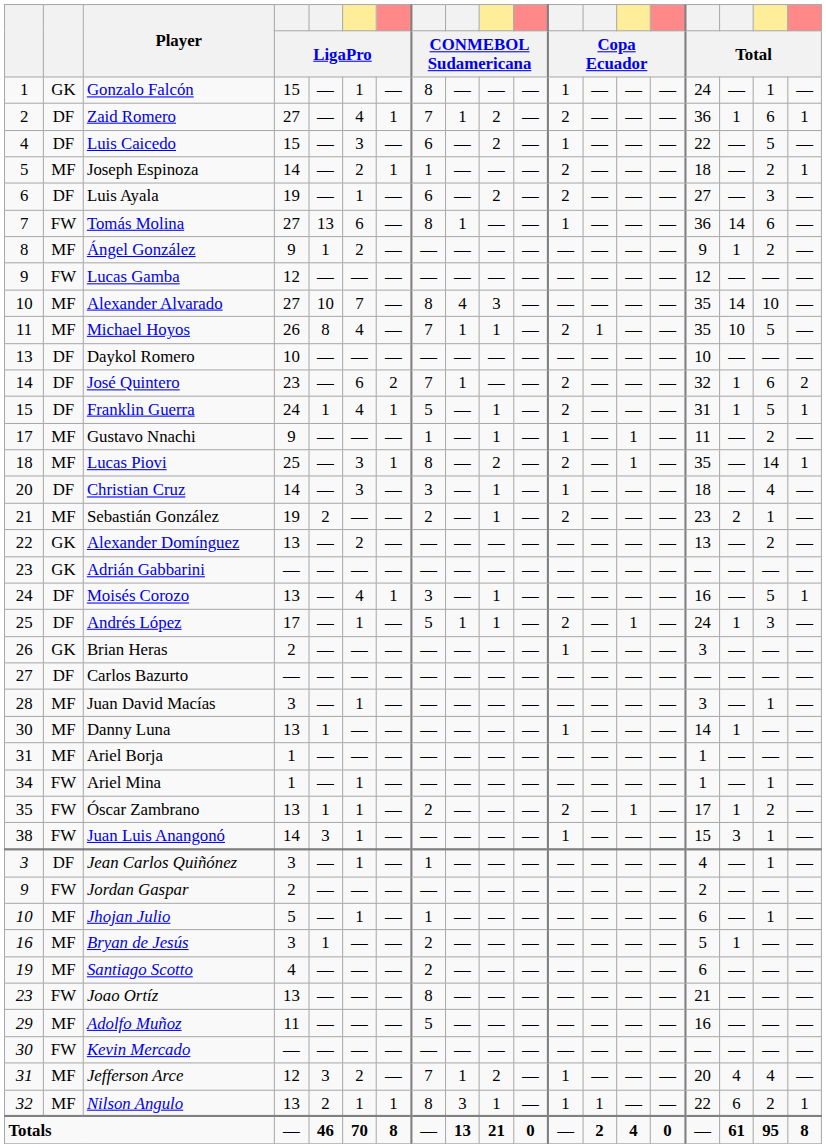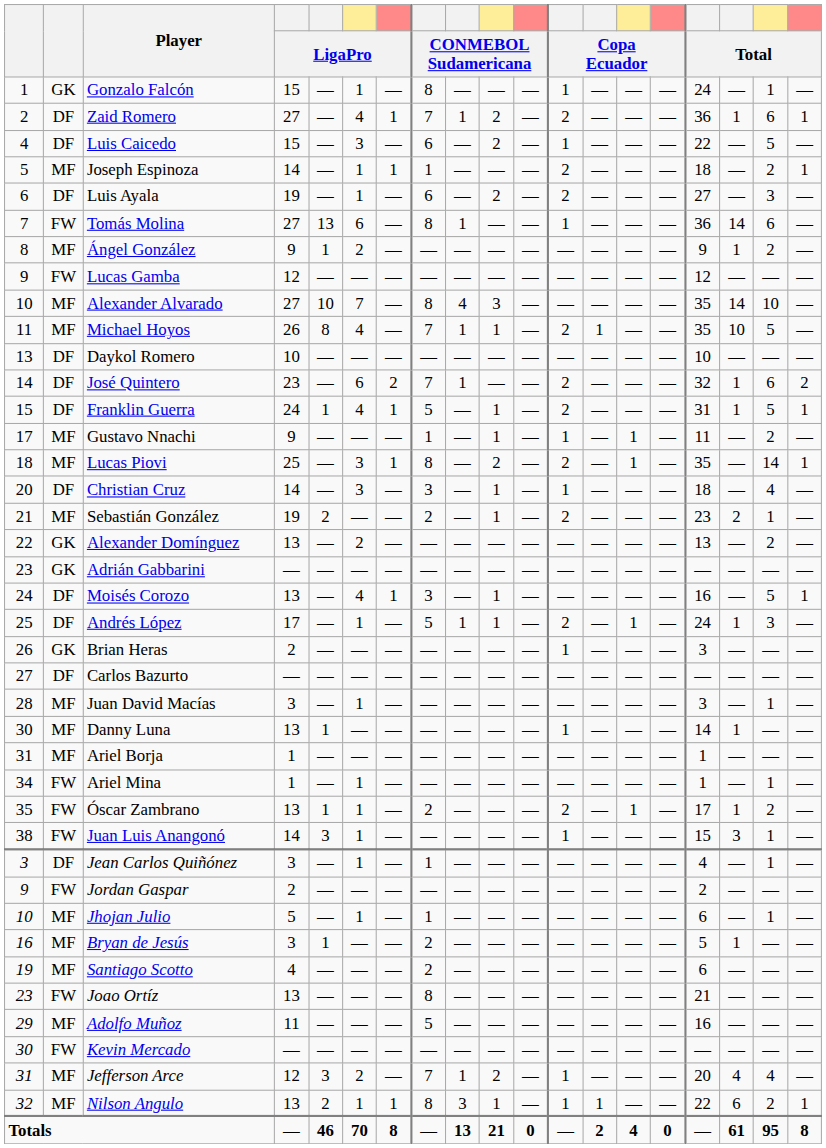 <table class="wikitable sortable" style="text-align: center;">
 <tr>
 <th rowspan="2" width=30 align="center"><br></th>
 <th rowspan="2" width=30 align="center"><br></th>
 <th rowspan="2" width=175 align="center">Player<br></th>
 <th width=25 style="background:"><br></th>
 <th width=25 style="background:"><br></th>
 <th width=25 style="background: #FFEE99"><br></th>
 <th width=25 style="border-right:2px solid grey; background:#FF8888"><br></th>
 <th width=25 style="background:"><br></th>
 <th width=25 style="background:"><br></th>
 <th width=25 style="background: #FFEE99"><br></th>
 <th width=25 style="border-right:2px solid grey; background:#FF8888"><br></th>
 <th width=25 style="background:"><br></th>
 <th width=25 style="background:"><br></th>
 <th width=25 style="background: #FFEE99"><br></th>
 <th width=25 style="border-right:2px solid grey; background:#FF8888"><br></th>
 <th width=25 style="background:"><br></th>
 <th width=25 style="background:"><br></th>
 <th width=25 style="background: #FFEE99"><br></th>
 <th width=25 style="background: #FF8888"><br></th>
 </tr>
 <tr class="sortbottom">
 <th colspan="4" style="border-right:2px solid grey;" align="center"><a href='#'>LigaPro</a></th>
 <th colspan="4" style="border-right:2px solid grey;" align="center"><a href='#'>CONMEBOL<br>Sudamericana</a></th>
 <th colspan="4" style="border-right:2px solid grey;" align="center"><a href='#'>Copa<br>Ecuador</a></th>
 <th colspan="4" align="center">Total</th>
 </tr>
 <tr>
 <td>1</td>
 <td>GK</td>
 <td align=left><a href='#'>Gonzalo Falcón</a></td>
 <td>15</td>
 <td>—</td>
 <td>1</td>
 <td>—</td>
 <td style="border-left:2px solid grey">8</td>
 <td>—</td>
 <td>—</td>
 <td>—</td>
 <td style="border-left:2px solid grey">1</td>
 <td>—</td>
 <td>—</td>
 <td>—</td>
 <td style="border-left:2px solid grey">24</td>
 <td>—</td>
 <td>1</td>
 <td>—</td>
 </tr>
 <tr>
 <td>2</td>
 <td>DF</td>
 <td align=left><a href='#'>Zaid Romero</a></td>
 <td>27</td>
 <td>—</td>
 <td>4</td>
 <td>1</td>
 <td style="border-left:2px solid grey">7</td>
 <td>1</td>
 <td>2</td>
 <td>—</td>
 <td style="border-left:2px solid grey">2</td>
 <td>—</td>
 <td>—</td>
 <td>—</td>
 <td style="border-left:2px solid grey">36</td>
 <td>1</td>
 <td>6</td>
 <td>1</td>
 </tr>
 <tr>
 <td>4</td>
 <td>DF</td>
 <td align=left><a href='#'>Luis Caicedo</a></td>
 <td>15</td>
 <td>—</td>
 <td>3</td>
 <td>—</td>
 <td style="border-left:2px solid grey">6</td>
 <td>—</td>
 <td>2</td>
 <td>—</td>
 <td style="border-left:2px solid grey">1</td>
 <td>—</td>
 <td>—</td>
 <td>—</td>
 <td style="border-left:2px solid grey">22</td>
 <td>—</td>
 <td>5</td>
 <td>—</td>
 </tr>
 <tr>
 <td>5</td>
 <td>MF</td>
 <td align=left>Joseph Espinoza</td>
 <td>14</td>
 <td>—</td>
-<td>2</td>
+<td>1</td>
 <td>1</td>
 <td style="border-left:2px solid grey">1</td>
 <td>—</td>
 <td>—</td>
 <td>—</td>
 <td style="border-left:2px solid grey">2</td>
 <td>—</td>
 <td>—</td>
 <td>—</td>
 <td style="border-left:2px solid grey">18</td>
 <td>—</td>
 <td>2</td>
 <td>1</td>
 </tr>
 <tr>
 <td>6</td>
 <td>DF</td>
 <td align=left>Luis Ayala</td>
 <td>19</td>
 <td>—</td>
 <td>1</td>
 <td>—</td>
 <td style="border-left:2px solid grey">6</td>
 <td>—</td>
 <td>2</td>
 <td>—</td>
 <td style="border-left:2px solid grey">2</td>
 <td>—</td>
 <td>—</td>
 <td>—</td>
 <td style="border-left:2px solid grey">27</td>
 <td>—</td>
 <td>3</td>
 <td>—</td>
 </tr>
 <tr>
 <td>7</td>
 <td>FW</td>
 <td align=left><a href='#'>Tomás Molina</a></td>
 <td>27</td>
 <td>13</td>
 <td>6</td>
 <td>—</td>
 <td style="border-left:2px solid grey">8</td>
 <td>1</td>
 <td>—</td>
 <td>—</td>
 <td style="border-left:2px solid grey">1</td>
 <td>—</td>
 <td>—</td>
 <td>—</td>
 <td style="border-left:2px solid grey">36</td>
 <td>14</td>
 <td>6</td>
 <td>—</td>
 </tr>
 <tr>
 <td>8</td>
 <td>MF</td>
 <td align=left><a href='#'>Ángel González</a></td>
 <td>9</td>
 <td>1</td>
 <td>2</td>
 <td>—</td>
 <td style="border-left:2px solid grey">—</td>
 <td>—</td>
 <td>—</td>
 <td>—</td>
 <td style="border-left:2px solid grey">—</td>
 <td>—</td>
 <td>—</td>
 <td>—</td>
 <td style="border-left:2px solid grey">9</td>
 <td>1</td>
 <td>2</td>
 <td>—</td>
 </tr>
 <tr>
 <td>9</td>
 <td>FW</td>
 <td align=left><a href='#'>Lucas Gamba</a></td>
 <td>12</td>
 <td>—</td>
 <td>—</td>
 <td>—</td>
 <td style="border-left:2px solid grey">—</td>
 <td>—</td>
 <td>—</td>
 <td>—</td>
 <td style="border-left:2px solid grey">—</td>
 <td>—</td>
 <td>—</td>
 <td>—</td>
 <td style="border-left:2px solid grey">12</td>
 <td>—</td>
 <td>—</td>
 <td>—</td>
 </tr>
 <tr>
 <td>10</td>
 <td>MF</td>
 <td align=left><a href='#'>Alexander Alvarado</a></td>
 <td>27</td>
 <td>10</td>
 <td>7</td>
 <td>—</td>
 <td style="border-left:2px solid grey">8</td>
 <td>4</td>
 <td>3</td>
 <td>—</td>
 <td style="border-left:2px solid grey">—</td>
 <td>—</td>
 <td>—</td>
 <td>—</td>
 <td style="border-left:2px solid grey">35</td>
 <td>14</td>
 <td>10</td>
 <td>—</td>
 </tr>
 <tr>
 <td>11</td>
 <td>MF</td>
 <td align=left><a href='#'>Michael Hoyos</a></td>
 <td>26</td>
 <td>8</td>
 <td>4</td>
 <td>—</td>
 <td style="border-left:2px solid grey">7</td>
 <td>1</td>
 <td>1</td>
 <td>—</td>
 <td style="border-left:2px solid grey">2</td>
 <td>1</td>
 <td>—</td>
 <td>—</td>
 <td style="border-left:2px solid grey">35</td>
 <td>10</td>
 <td>5</td>
 <td>—</td>
 </tr>
 <tr>
 <td>13</td>
 <td>DF</td>
 <td align=left>Daykol Romero</td>
 <td>10</td>
 <td>—</td>
 <td>—</td>
 <td>—</td>
 <td style="border-left:2px solid grey">—</td>
 <td>—</td>
 <td>—</td>
 <td>—</td>
 <td style="border-left:2px solid grey">—</td>
 <td>—</td>
 <td>—</td>
 <td>—</td>
 <td style="border-left:2px solid grey">10</td>
 <td>—</td>
 <td>—</td>
 <td>—</td>
 </tr>
 <tr>
 <td>14</td>
 <td>DF</td>
 <td align=left><a href='#'>José Quintero</a></td>
 <td>23</td>
 <td>—</td>
 <td>6</td>
 <td>2</td>
 <td style="border-left:2px solid grey">7</td>
 <td>1</td>
 <td>—</td>
 <td>—</td>
 <td style="border-left:2px solid grey">2</td>
 <td>—</td>
 <td>—</td>
 <td>—</td>
 <td style="border-left:2px solid grey">32</td>
 <td>1</td>
 <td>6</td>
 <td>2</td>
 </tr>
 <tr>
 <td>15</td>
 <td>DF</td>
 <td align=left><a href='#'>Franklin Guerra</a></td>
 <td>24</td>
 <td>1</td>
 <td>4</td>
 <td>1</td>
 <td style="border-left:2px solid grey">5</td>
 <td>—</td>
 <td>1</td>
 <td>—</td>
 <td style="border-left:2px solid grey">2</td>
 <td>—</td>
 <td>—</td>
 <td>—</td>
 <td style="border-left:2px solid grey">31</td>
 <td>1</td>
 <td>5</td>
 <td>1</td>
 </tr>
 <tr>
 <td>17</td>
 <td>MF</td>
 <td align=left>Gustavo Nnachi</td>
 <td>9</td>
 <td>—</td>
 <td>—</td>
 <td>—</td>
 <td style="border-left:2px solid grey">1</td>
 <td>—</td>
 <td>1</td>
 <td>—</td>
 <td style="border-left:2px solid grey">1</td>
 <td>—</td>
 <td>1</td>
 <td>—</td>
 <td style="border-left:2px solid grey">11</td>
 <td>—</td>
 <td>2</td>
 <td>—</td>
 </tr>
 <tr>
 <td>18</td>
 <td>MF</td>
 <td align=left><a href='#'>Lucas Piovi</a></td>
 <td>25</td>
 <td>—</td>
 <td>3</td>
 <td>1</td>
 <td style="border-left:2px solid grey">8</td>
 <td>—</td>
 <td>2</td>
 <td>—</td>
 <td style="border-left:2px solid grey">2</td>
 <td>—</td>
 <td>1</td>
 <td>—</td>
 <td style="border-left:2px solid grey">35</td>
 <td>—</td>
 <td>14</td>
 <td>1</td>
 </tr>
 <tr>
 <td>20</td>
 <td>DF</td>
 <td align=left><a href='#'>Christian Cruz</a></td>
 <td>14</td>
 <td>—</td>
 <td>3</td>
 <td>—</td>
 <td style="border-left:2px solid grey">3</td>
 <td>—</td>
 <td>1</td>
 <td>—</td>
 <td style="border-left:2px solid grey">1</td>
 <td>—</td>
 <td>—</td>
 <td>—</td>
 <td style="border-left:2px solid grey">18</td>
 <td>—</td>
 <td>4</td>
 <td>—</td>
 </tr>
 <tr>
 <td>21</td>
 <td>MF</td>
 <td align=left>Sebastián González</td>
 <td>19</td>
 <td>2</td>
 <td>—</td>
 <td>—</td>
 <td style="border-left:2px solid grey">2</td>
 <td>—</td>
 <td>1</td>
 <td>—</td>
 <td style="border-left:2px solid grey">2</td>
 <td>—</td>
 <td>—</td>
 <td>—</td>
 <td style="border-left:2px solid grey">23</td>
 <td>2</td>
 <td>1</td>
 <td>—</td>
 </tr>
 <tr>
 <td>22</td>
 <td>GK</td>
 <td align=left><a href='#'>Alexander Domínguez</a></td>
 <td>13</td>
 <td>—</td>
 <td>2</td>
 <td>—</td>
 <td style="border-left:2px solid grey">—</td>
 <td>—</td>
 <td>—</td>
 <td>—</td>
 <td style="border-left:2px solid grey">—</td>
 <td>—</td>
 <td>—</td>
 <td>—</td>
 <td style="border-left:2px solid grey">13</td>
 <td>—</td>
 <td>2</td>
 <td>—</td>
 </tr>
 <tr>
 <td>23</td>
 <td>GK</td>
 <td align=left><a href='#'>Adrián Gabbarini</a></td>
 <td>—</td>
 <td>—</td>
 <td>—</td>
 <td>—</td>
 <td style="border-left:2px solid grey">—</td>
 <td>—</td>
 <td>—</td>
 <td>—</td>
 <td style="border-left:2px solid grey">—</td>
 <td>—</td>
 <td>—</td>
 <td>—</td>
 <td style="border-left:2px solid grey">—</td>
 <td>—</td>
 <td>—</td>
 <td>—</td>
 </tr>
 <tr>
 <td>24</td>
 <td>DF</td>
 <td align=left><a href='#'>Moisés Corozo</a></td>
 <td>13</td>
 <td>—</td>
 <td>4</td>
 <td>1</td>
 <td style="border-left:2px solid grey">3</td>
 <td>—</td>
 <td>1</td>
 <td>—</td>
 <td style="border-left:2px solid grey">—</td>
 <td>—</td>
 <td>—</td>
 <td>—</td>
 <td style="border-left:2px solid grey">16</td>
 <td>—</td>
 <td>5</td>
 <td>1</td>
 </tr>
 <tr>
 <td>25</td>
 <td>DF</td>
 <td align=left><a href='#'>Andrés López</a></td>
 <td>17</td>
 <td>—</td>
 <td>1</td>
 <td>—</td>
 <td style="border-left:2px solid grey">5</td>
 <td>1</td>
 <td>1</td>
 <td>—</td>
 <td style="border-left:2px solid grey">2</td>
 <td>—</td>
 <td>1</td>
 <td>—</td>
 <td style="border-left:2px solid grey">24</td>
 <td>1</td>
 <td>3</td>
 <td>—</td>
 </tr>
 <tr>
 <td>26</td>
 <td>GK</td>
 <td align=left>Brian Heras</td>
 <td>2</td>
 <td>—</td>
 <td>—</td>
 <td>—</td>
 <td style="border-left:2px solid grey">—</td>
 <td>—</td>
 <td>—</td>
 <td>—</td>
 <td style="border-left:2px solid grey">1</td>
 <td>—</td>
 <td>—</td>
 <td>—</td>
 <td style="border-left:2px solid grey">3</td>
 <td>—</td>
 <td>—</td>
 <td>—</td>
 </tr>
 <tr>
 <td>27</td>
 <td>DF</td>
 <td align=left>Carlos Bazurto</td>
 <td>—</td>
 <td>—</td>
 <td>—</td>
 <td>—</td>
 <td style="border-left:2px solid grey">—</td>
 <td>—</td>
 <td>—</td>
 <td>—</td>
 <td style="border-left:2px solid grey">—</td>
 <td>—</td>
 <td>—</td>
 <td>—</td>
 <td style="border-left:2px solid grey">—</td>
 <td>—</td>
 <td>—</td>
 <td>—</td>
 </tr>
 <tr>
 <td>28</td>
 <td>MF</td>
 <td align=left>Juan David Macías</td>
 <td>3</td>
 <td>—</td>
 <td>1</td>
 <td>—</td>
 <td style="border-left:2px solid grey">—</td>
 <td>—</td>
 <td>—</td>
 <td>—</td>
 <td style="border-left:2px solid grey">—</td>
 <td>—</td>
 <td>—</td>
 <td>—</td>
 <td style="border-left:2px solid grey">3</td>
 <td>—</td>
 <td>1</td>
 <td>—</td>
 </tr>
 <tr>
 <td>30</td>
 <td>MF</td>
 <td align=left>Danny Luna</td>
 <td>13</td>
 <td>1</td>
 <td>—</td>
 <td>—</td>
 <td style="border-left:2px solid grey">—</td>
 <td>—</td>
 <td>—</td>
 <td>—</td>
 <td style="border-left:2px solid grey">1</td>
 <td>—</td>
 <td>—</td>
 <td>—</td>
 <td style="border-left:2px solid grey">14</td>
 <td>1</td>
 <td>—</td>
 <td>—</td>
 </tr>
 <tr>
 <td>31</td>
 <td>MF</td>
 <td align=left>Ariel Borja</td>
 <td>1</td>
 <td>—</td>
 <td>—</td>
 <td>—</td>
 <td style="border-left:2px solid grey">—</td>
 <td>—</td>
 <td>—</td>
 <td>—</td>
 <td style="border-left:2px solid grey">—</td>
 <td>—</td>
 <td>—</td>
 <td>—</td>
 <td style="border-left:2px solid grey">1</td>
 <td>—</td>
 <td>—</td>
 <td>—</td>
 </tr>
 <tr>
 <td>34</td>
 <td>FW</td>
 <td align=left>Ariel Mina</td>
 <td>1</td>
 <td>—</td>
 <td>1</td>
 <td>—</td>
 <td style="border-left:2px solid grey">—</td>
 <td>—</td>
 <td>—</td>
 <td>—</td>
 <td style="border-left:2px solid grey">—</td>
 <td>—</td>
 <td>—</td>
 <td>—</td>
 <td style="border-left:2px solid grey">1</td>
 <td>—</td>
 <td>1</td>
 <td>—</td>
 </tr>
 <tr>
 <td>35</td>
 <td>FW</td>
 <td align=left>Óscar Zambrano</td>
 <td>13</td>
 <td>1</td>
 <td>1</td>
 <td>—</td>
 <td style="border-left:2px solid grey">2</td>
 <td>—</td>
 <td>—</td>
 <td>—</td>
 <td style="border-left:2px solid grey">2</td>
 <td>—</td>
 <td>1</td>
 <td>—</td>
 <td style="border-left:2px solid grey">17</td>
 <td>1</td>
 <td>2</td>
 <td>—</td>
 </tr>
 <tr>
 <td>38</td>
 <td>FW</td>
 <td align=left><a href='#'>Juan Luis Anangonó</a></td>
 <td>14</td>
 <td>3</td>
 <td>1</td>
 <td>—</td>
 <td style="border-left:2px solid grey">—</td>
 <td>—</td>
 <td>—</td>
 <td>—</td>
 <td style="border-left:2px solid grey">1</td>
 <td>—</td>
 <td>—</td>
 <td>—</td>
 <td style="border-left:2px solid grey">15</td>
 <td>3</td>
 <td>1</td>
 <td>—</td>
 </tr>
 <tr>
 </tr>
 <tr style="border-top:2px solid grey">
 <td><em>3</em></td>
 <td>DF</td>
 <td align=left><em>Jean Carlos Quiñónez</em></td>
 <td>3</td>
 <td>—</td>
 <td>1</td>
 <td>—</td>
 <td style="border-left:2px solid grey">1</td>
 <td>—</td>
 <td>—</td>
 <td>—</td>
 <td style="border-left:2px solid grey">—</td>
 <td>—</td>
 <td>—</td>
 <td>—</td>
 <td style="border-left:2px solid grey">4</td>
 <td>—</td>
 <td>1</td>
 <td>—</td>
 </tr>
 <tr>
 <td><em>9</em></td>
 <td>FW</td>
 <td align=left><em>Jordan Gaspar</em></td>
 <td>2</td>
 <td>—</td>
 <td>—</td>
 <td>—</td>
 <td style="border-left:2px solid grey">—</td>
 <td>—</td>
 <td>—</td>
 <td>—</td>
 <td style="border-left:2px solid grey">—</td>
 <td>—</td>
 <td>—</td>
 <td>—</td>
 <td style="border-left:2px solid grey">2</td>
 <td>—</td>
 <td>—</td>
 <td>—</td>
 </tr>
 <tr>
 <td><em>10</em></td>
 <td>MF</td>
 <td align=left><em><a href='#'>Jhojan Julio</a></em></td>
 <td>5</td>
 <td>—</td>
 <td>1</td>
 <td>—</td>
 <td style="border-left:2px solid grey">1</td>
 <td>—</td>
 <td>—</td>
 <td>—</td>
 <td style="border-left:2px solid grey">—</td>
 <td>—</td>
 <td>—</td>
 <td>—</td>
 <td style="border-left:2px solid grey">6</td>
 <td>—</td>
 <td>1</td>
 <td>—</td>
 </tr>
 <tr>
 <td><em>16</em></td>
 <td>MF</td>
 <td align=left><em><a href='#'>Bryan de Jesús</a></em></td>
 <td>3</td>
 <td>1</td>
 <td>—</td>
 <td>—</td>
 <td style="border-left:2px solid grey">2</td>
 <td>—</td>
 <td>—</td>
 <td>—</td>
 <td style="border-left:2px solid grey">—</td>
 <td>—</td>
 <td>—</td>
 <td>—</td>
 <td style="border-left:2px solid grey">5</td>
 <td>1</td>
 <td>—</td>
 <td>—</td>
 </tr>
 <tr>
 <td><em>19</em></td>
 <td>MF</td>
 <td align=left><em><a href='#'>Santiago Scotto</a></em></td>
 <td>4</td>
 <td>—</td>
 <td>—</td>
 <td>—</td>
 <td style="border-left:2px solid grey">2</td>
 <td>—</td>
 <td>—</td>
 <td>—</td>
 <td style="border-left:2px solid grey">—</td>
 <td>—</td>
 <td>—</td>
 <td>—</td>
 <td style="border-left:2px solid grey">6</td>
 <td>—</td>
 <td>—</td>
 <td>—</td>
 </tr>
 <tr>
 <td><em>23</em></td>
 <td>FW</td>
 <td align=left><em>Joao Ortíz</em></td>
 <td>13</td>
 <td>—</td>
 <td>—</td>
 <td>—</td>
 <td style="border-left:2px solid grey">8</td>
 <td>—</td>
 <td>—</td>
 <td>—</td>
 <td style="border-left:2px solid grey">—</td>
 <td>—</td>
 <td>—</td>
 <td>—</td>
 <td style="border-left:2px solid grey">21</td>
 <td>—</td>
 <td>—</td>
 <td>—</td>
 </tr>
 <tr>
 <td><em>29</em></td>
 <td>MF</td>
 <td align=left><em><a href='#'>Adolfo Muñoz</a></em></td>
 <td>11</td>
 <td>—</td>
 <td>—</td>
 <td>—</td>
 <td style="border-left:2px solid grey">5</td>
 <td>—</td>
 <td>—</td>
 <td>—</td>
 <td style="border-left:2px solid grey">—</td>
 <td>—</td>
 <td>—</td>
 <td>—</td>
 <td style="border-left:2px solid grey">16</td>
 <td>—</td>
 <td>—</td>
 <td>—</td>
 </tr>
 <tr>
 <td><em>30</em></td>
 <td>FW</td>
 <td align=left><em><a href='#'>Kevin Mercado</a></em></td>
 <td>—</td>
 <td>—</td>
 <td>—</td>
 <td>—</td>
 <td style="border-left:2px solid grey">—</td>
 <td>—</td>
 <td>—</td>
 <td>—</td>
 <td style="border-left:2px solid grey">—</td>
 <td>—</td>
 <td>—</td>
 <td>—</td>
 <td style="border-left:2px solid grey">—</td>
 <td>—</td>
 <td>—</td>
 <td>—</td>
 </tr>
 <tr>
 <td><em>31</em></td>
 <td>MF</td>
 <td align=left><em>Jefferson Arce</em></td>
 <td>12</td>
 <td>3</td>
 <td>2</td>
 <td>—</td>
 <td style="border-left:2px solid grey">7</td>
 <td>1</td>
 <td>2</td>
 <td>—</td>
 <td style="border-left:2px solid grey">1</td>
 <td>—</td>
 <td>—</td>
 <td>—</td>
 <td style="border-left:2px solid grey">20</td>
 <td>4</td>
 <td>4</td>
 <td>—</td>
 </tr>
 <tr>
 <td><em>32</em></td>
 <td>MF</td>
 <td align=left><em><a href='#'>Nilson Angulo</a></em></td>
 <td>13</td>
 <td>2</td>
 <td>1</td>
 <td>1</td>
 <td style="border-left:2px solid grey">8</td>
 <td>3</td>
 <td>1</td>
 <td>—</td>
 <td style="border-left:2px solid grey">1</td>
 <td>1</td>
 <td>—</td>
 <td>—</td>
 <td style="border-left:2px solid grey">22</td>
 <td>6</td>
 <td>2</td>
 <td>1</td>
 </tr>
 <tr>
 </tr>
 <tr class="sortbottom" style="border-top:2px solid grey">
 <td colspan=3 align=left><strong>Totals</strong></td>
 <td>—</td>
 <td><strong>46</strong></td>
 <td><strong>70</strong></td>
 <td><strong>8</strong></td>
 <td style="border-left:2px solid grey">—</td>
 <td><strong>13</strong></td>
 <td><strong>21</strong></td>
 <td><strong>0</strong></td>
 <td style="border-left:2px solid grey">—</td>
 <td><strong>2</strong></td>
 <td><strong>4</strong></td>
 <td><strong>0</strong></td>
 <td style="border-left:2px solid grey">—</td>
 <td><strong>61</strong></td>
 <td><strong>95</strong></td>
 <td><strong>8</strong></td>
 </tr>
 </table>
